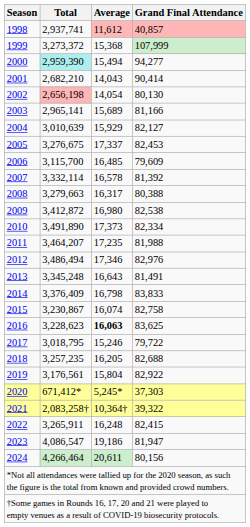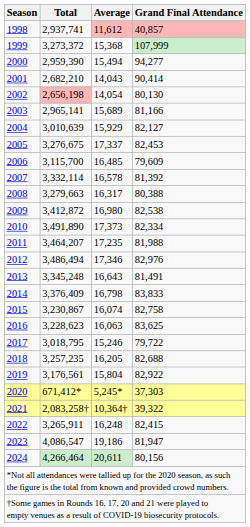 <table class="wikitable sortable">
 <tr>
 <th scope=col>Season</th>
 <th scope=col>Total</th>
 <th scope=col>Average</th>
 <th scope=col>Grand Final Attendance</th>
 </tr>
 <tr>
 <td><a href='#'>1998</a></td>
 <td>2,937,741</td>
 <td style="background:#ffb6b6;">11,612</td>
 <td style="background:#ffb6b6;">40,857</td>
 </tr>
 <tr>
 <td><a href='#'>1999</a></td>
 <td>3,273,372</td>
 <td>15,368</td>
 <td style="background:#cec;">107,999</td>
 </tr>
 <tr>
 <td><a href='#'>2000</a></td>
-<td style="background: paleturquoise;">2,959,390</td>
+<td>2,959,390</td>
 <td>15,494</td>
 <td>94,277</td>
 </tr>
 <tr>
 <td><a href='#'>2001</a></td>
 <td>2,682,210</td>
 <td>14,043</td>
 <td>90,414</td>
 </tr>
 <tr>
 <td><a href='#'>2002</a></td>
 <td style="background:#ffb6b6;">2,656,198</td>
 <td>14,054</td>
 <td>80,130</td>
 </tr>
 <tr>
 <td><a href='#'>2003</a></td>
 <td>2,965,141</td>
 <td>15,689</td>
 <td>81,166</td>
 </tr>
 <tr>
 <td><a href='#'>2004</a></td>
 <td>3,010,639</td>
 <td>15,929</td>
 <td>82,127</td>
 </tr>
 <tr>
 <td><a href='#'>2005</a></td>
 <td>3,276,675</td>
 <td>17,337</td>
 <td>82,453</td>
 </tr>
 <tr>
 <td><a href='#'>2006</a></td>
 <td>3,115,700</td>
 <td>16,485</td>
 <td>79,609</td>
 </tr>
 <tr>
 <td><a href='#'>2007</a></td>
 <td>3,332,114</td>
 <td>16,578</td>
 <td>81,392</td>
 </tr>
 <tr>
 <td><a href='#'>2008</a></td>
 <td>3,279,663</td>
 <td>16,317</td>
 <td>80,388</td>
 </tr>
 <tr>
 <td><a href='#'>2009</a></td>
 <td>3,412,872</td>
 <td>16,980</td>
 <td>82,538</td>
 </tr>
 <tr>
 <td><a href='#'>2010</a></td>
 <td>3,491,890</td>
 <td>17,373</td>
 <td>82,334</td>
 </tr>
 <tr>
 <td><a href='#'>2011</a></td>
 <td>3,464,207</td>
 <td>17,235</td>
 <td>81,988</td>
 </tr>
 <tr>
 <td><a href='#'>2012</a></td>
 <td>3,486,494</td>
 <td>17,346</td>
 <td>82,976</td>
 </tr>
 <tr>
 <td><a href='#'>2013</a></td>
 <td>3,345,248</td>
 <td>16,643</td>
 <td>81,491</td>
 </tr>
 <tr>
 <td><a href='#'>2014</a></td>
 <td>3,376,409</td>
 <td>16,798</td>
 <td>83,833</td>
 </tr>
 <tr>
 <td><a href='#'>2015</a></td>
 <td>3,230,867</td>
 <td>16,074</td>
 <td>82,758</td>
 </tr>
 <tr>
 <td><a href='#'>2016</a></td>
 <td>3,228,623</td>
-<td><strong>16,063</strong></td>
+<td>16,063</td>
 <td>83,625</td>
 </tr>
 <tr>
 <td><a href='#'>2017</a></td>
 <td>3,018,795</td>
 <td>15,246</td>
 <td>79,722</td>
 </tr>
 <tr>
 <td><a href='#'>2018</a></td>
 <td>3,257,235</td>
 <td>16,205</td>
 <td>82,688</td>
 </tr>
 <tr>
 <td><a href='#'>2019</a></td>
 <td>3,176,561</td>
 <td>15,804</td>
 <td>82,922</td>
 </tr>
 <tr style="background:#ff9;">
 <td><a href='#'>2020</a></td>
 <td>671,412*</td>
 <td>5,245*</td>
 <td>37,303</td>
 </tr>
 <tr style="background:#ff9;">
 <td><a href='#'>2021</a></td>
 <td>2,083,258†</td>
 <td>10,364†</td>
 <td>39,322</td>
 </tr>
 <tr>
 <td><a href='#'>2022</a></td>
 <td>3,265,911</td>
 <td>16,248</td>
 <td>82,415</td>
 </tr>
 <tr>
 <td><a href='#'>2023</a></td>
 <td>4,086,547</td>
 <td>19,186</td>
 <td>81,947</td>
 </tr>
 <tr>
 <td><a href='#'>2024</a></td>
 <td style="background:#cec;">4,266,464</td>
 <td style="background:#cec;">20,611</td>
 <td>80,156</td>
 </tr>
 <tr>
 <td colspan=4><small>*Not all attendances were tallied up for the 2020 season, as such <br>the figure is the total from known and provided crowd numbers.</small></td>
 </tr>
 <tr>
 <td colspan=4><small>†Some games in Rounds 16, 17, 20 and 21 were played to<br> empty venues as a result of COVID-19 biosecurity protocols.</small></td>
 </tr>
 </table>
